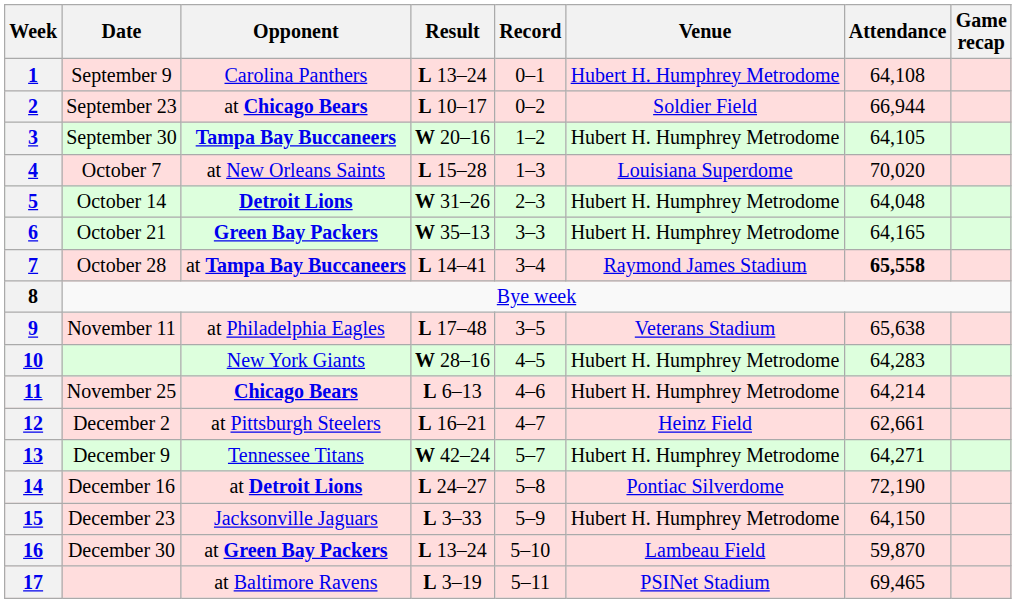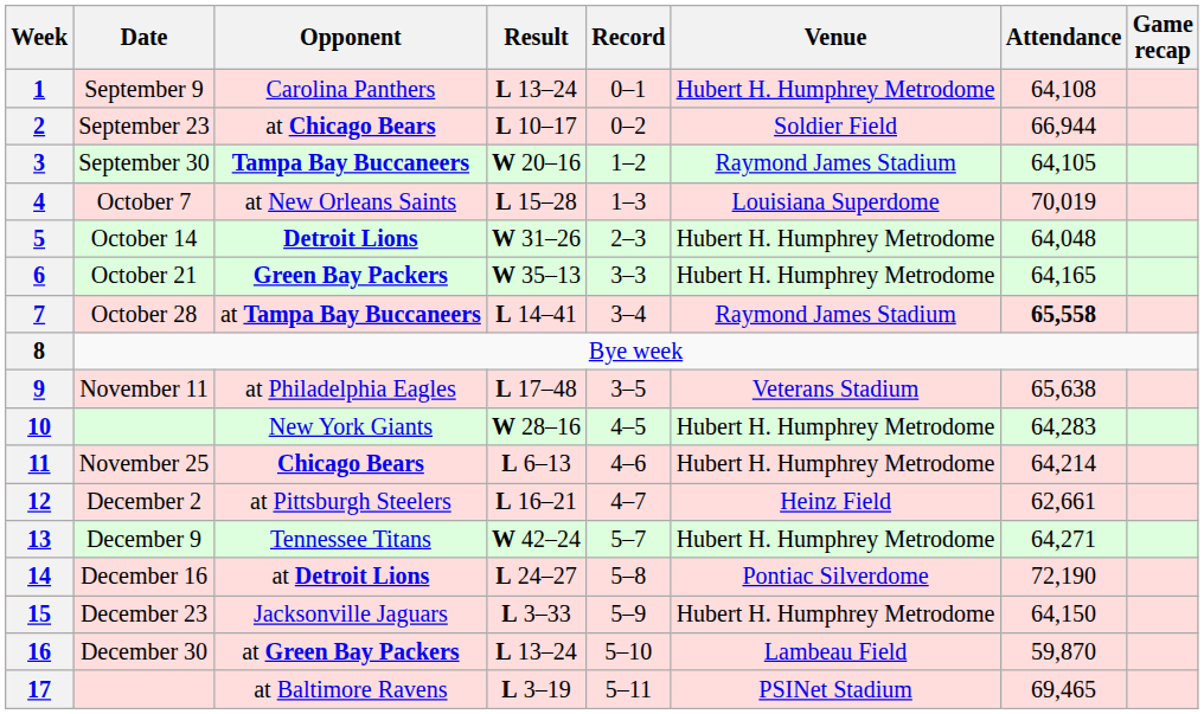 <table class="wikitable" style="text-align:center">
 <tr>
 <th>Week</th>
 <th>Date</th>
 <th>Opponent</th>
 <th>Result</th>
 <th>Record</th>
 <th>Venue</th>
 <th>Attendance</th>
 <th>Game<br>recap</th>
 </tr>
 <tr bgcolor="#ffdddd">
 <th><a href='#'>1</a></th>
 <td>September 9</td>
 <td><a href='#'>Carolina Panthers</a></td>
 <td><strong>L</strong> 13–24</td>
 <td>0–1</td>
 <td><a href='#'>Hubert H. Humphrey Metrodome</a></td>
 <td>64,108</td>
 <td></td>
 </tr>
 <tr bgcolor="#ffdddd">
 <th><a href='#'>2</a></th>
 <td>September 23</td>
 <td>at <strong><a href='#'>Chicago Bears</a></strong></td>
 <td><strong>L</strong> 10–17</td>
 <td>0–2</td>
 <td><a href='#'>Soldier Field</a></td>
 <td>66,944</td>
 <td></td>
 </tr>
 <tr bgcolor="#ddffdd">
 <th><a href='#'>3</a></th>
 <td>September 30</td>
 <td><strong><a href='#'>Tampa Bay Buccaneers</a></strong></td>
 <td><strong>W</strong> 20–16</td>
 <td>1–2</td>
-<td>Hubert H. Humphrey Metrodome</td>
+<td><a href='#'>Raymond James Stadium</a></td>
 <td>64,105</td>
 <td></td>
 </tr>
 <tr bgcolor="#ffdddd">
 <th><a href='#'>4</a></th>
 <td>October 7</td>
 <td>at <a href='#'>New Orleans Saints</a></td>
 <td><strong>L</strong> 15–28</td>
 <td>1–3</td>
 <td><a href='#'>Louisiana Superdome</a></td>
-<td>70,020</td>
+<td>70,019</td>
 <td></td>
 </tr>
 <tr bgcolor="#ddffdd">
 <th><a href='#'>5</a></th>
 <td>October 14</td>
 <td><strong><a href='#'>Detroit Lions</a></strong></td>
 <td><strong>W</strong> 31–26</td>
 <td>2–3</td>
 <td>Hubert H. Humphrey Metrodome</td>
 <td>64,048</td>
 <td></td>
 </tr>
 <tr bgcolor="#ddffdd">
 <th><a href='#'>6</a></th>
 <td>October 21</td>
 <td><strong><a href='#'>Green Bay Packers</a></strong></td>
 <td><strong>W</strong> 35–13</td>
 <td>3–3</td>
 <td>Hubert H. Humphrey Metrodome</td>
 <td>64,165</td>
 <td></td>
 </tr>
 <tr bgcolor="#ffdddd">
 <th><a href='#'>7</a></th>
 <td>October 28</td>
 <td>at <strong><a href='#'>Tampa Bay Buccaneers</a></strong></td>
 <td><strong>L</strong> 14–41</td>
 <td>3–4</td>
 <td><a href='#'>Raymond James Stadium</a></td>
 <td><strong>65,558</strong></td>
 <td></td>
 </tr>
 <tr>
 <th>8</th>
 <td colspan="7"><a href='#'>Bye week</a></td>
 </tr>
 <tr bgcolor="#ffdddd">
 <th><a href='#'>9</a></th>
 <td>November 11</td>
 <td>at <a href='#'>Philadelphia Eagles</a></td>
 <td><strong>L</strong> 17–48</td>
 <td>3–5</td>
 <td><a href='#'>Veterans Stadium</a></td>
 <td>65,638</td>
 <td></td>
 </tr>
 <tr bgcolor="#ddffdd">
 <th><a href='#'>10</a></th>
 <td></td>
 <td><a href='#'>New York Giants</a></td>
 <td><strong>W</strong> 28–16</td>
 <td>4–5</td>
 <td>Hubert H. Humphrey Metrodome</td>
 <td>64,283</td>
 <td></td>
 </tr>
 <tr bgcolor="#ffdddd">
 <th><a href='#'>11</a></th>
 <td>November 25</td>
 <td><strong><a href='#'>Chicago Bears</a></strong></td>
 <td><strong>L</strong> 6–13</td>
 <td>4–6</td>
 <td>Hubert H. Humphrey Metrodome</td>
 <td>64,214</td>
 <td></td>
 </tr>
 <tr bgcolor="#ffdddd">
 <th><a href='#'>12</a></th>
 <td>December 2</td>
 <td>at <a href='#'>Pittsburgh Steelers</a></td>
 <td><strong>L</strong> 16–21</td>
 <td>4–7</td>
 <td><a href='#'>Heinz Field</a></td>
 <td>62,661</td>
 <td></td>
 </tr>
 <tr bgcolor="#ddffdd">
 <th><a href='#'>13</a></th>
 <td>December 9</td>
 <td><a href='#'>Tennessee Titans</a></td>
 <td><strong>W</strong> 42–24</td>
 <td>5–7</td>
 <td>Hubert H. Humphrey Metrodome</td>
 <td>64,271</td>
 <td></td>
 </tr>
 <tr bgcolor="#ffdddd">
 <th><a href='#'>14</a></th>
 <td>December 16</td>
 <td>at <strong><a href='#'>Detroit Lions</a></strong></td>
 <td><strong>L</strong> 24–27</td>
 <td>5–8</td>
 <td><a href='#'>Pontiac Silverdome</a></td>
 <td>72,190</td>
 <td></td>
 </tr>
 <tr bgcolor="#ffdddd">
 <th><a href='#'>15</a></th>
 <td>December 23</td>
 <td><a href='#'>Jacksonville Jaguars</a></td>
 <td><strong>L</strong> 3–33</td>
 <td>5–9</td>
 <td>Hubert H. Humphrey Metrodome</td>
 <td>64,150</td>
 <td></td>
 </tr>
 <tr bgcolor="#ffdddd">
 <th><a href='#'>16</a></th>
 <td>December 30</td>
 <td>at <strong><a href='#'>Green Bay Packers</a></strong></td>
 <td><strong>L</strong> 13–24</td>
 <td>5–10</td>
 <td><a href='#'>Lambeau Field</a></td>
 <td>59,870</td>
 <td></td>
 </tr>
 <tr bgcolor="#ffdddd">
 <th><a href='#'>17</a></th>
 <td></td>
 <td>at <a href='#'>Baltimore Ravens</a></td>
 <td><strong>L</strong> 3–19</td>
 <td>5–11</td>
 <td><a href='#'>PSINet Stadium</a></td>
 <td>69,465</td>
 <td></td>
 </tr>
 </table>
